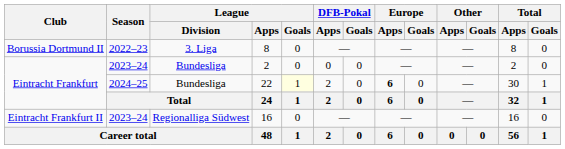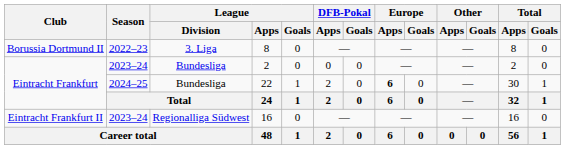 <table class="wikitable" style="text-align: center">
 <tr>
 <th rowspan="2">Club</th>
 <th rowspan="2">Season</th>
 <th colspan="3">League</th>
 <th colspan="2"><a href='#'>DFB-Pokal</a></th>
 <th colspan="2">Europe</th>
 <th colspan="2">Other</th>
 <th colspan="2">Total</th>
 </tr>
 <tr>
 <th>Division</th>
 <th>Apps</th>
 <th>Goals</th>
 <th>Apps</th>
 <th>Goals</th>
 <th>Apps</th>
 <th>Goals</th>
 <th>Apps</th>
 <th>Goals</th>
 <th>Apps</th>
 <th>Goals</th>
 </tr>
 <tr>
 <td><a href='#'>Borussia Dortmund II</a></td>
 <td><a href='#'>2022–23</a></td>
 <td><a href='#'>3. Liga</a></td>
 <td>8</td>
 <td>0</td>
 <td colspan="2">—</td>
 <td colspan="2">—</td>
 <td colspan="2">—</td>
 <td>8</td>
 <td>0</td>
 </tr>
 <tr>
 <td rowspan="3"><a href='#'>Eintracht Frankfurt</a></td>
 <td><a href='#'>2023–24</a></td>
 <td><a href='#'>Bundesliga</a></td>
 <td>2</td>
 <td>0</td>
 <td>0</td>
 <td>0</td>
 <td colspan="2">—</td>
 <td colspan="2">—</td>
 <td>2</td>
 <td>0</td>
 </tr>
 <tr>
 <td><a href='#'>2024–25</a></td>
 <td>Bundesliga</td>
 <td>22</td>
-<td style="background: lightyellow;">1</td>
+<td>1</td>
 <td>2</td>
 <td>0</td>
 <td><strong>6</strong></td>
 <td>0</td>
 <td colspan="2">—</td>
 <td>30</td>
 <td>1</td>
 </tr>
 <tr>
 <th colspan="2">Total</th>
 <th>24</th>
 <th>1</th>
 <th>2</th>
 <th>0</th>
 <th>6</th>
 <th>0</th>
 <th colspan="2">—</th>
 <th>32</th>
 <th>1</th>
 </tr>
 <tr>
 <td><a href='#'>Eintracht Frankfurt II</a></td>
 <td><a href='#'>2023–24</a></td>
 <td><a href='#'>Regionalliga Südwest</a></td>
 <td>16</td>
 <td>0</td>
 <td colspan="2">—</td>
 <td colspan="2">—</td>
 <td colspan="2">—</td>
 <td>16</td>
 <td>0</td>
 </tr>
 <tr>
 <th colspan="3">Career total</th>
 <th>48</th>
 <th>1</th>
 <th>2</th>
 <th>0</th>
 <th>6</th>
 <th>0</th>
 <th>0</th>
 <th>0</th>
 <th>56</th>
 <th>1</th>
 </tr>
 </table>
